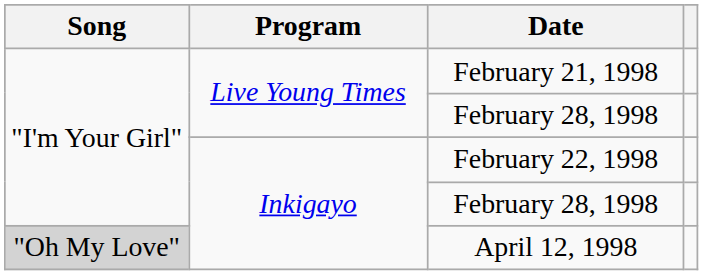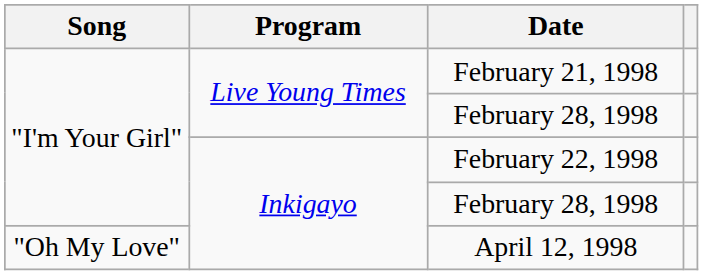 <table class="wikitable" style="text-align:center">
 <tr>
 <th>Song</th>
 <th width="130">Program</th>
 <th width="140">Date</th>
 <th></th>
 </tr>
 <tr>
 <td rowspan="4">"I'm Your Girl"</td>
 <td rowspan="2"><em><a href='#'>Live Young Times</a></em></td>
 <td>February 21, 1998</td>
 <td></td>
 </tr>
 <tr>
 <td>February 28, 1998</td>
 <td></td>
 </tr>
 <tr>
 <td rowspan="3"><em><a href='#'>Inkigayo</a></em></td>
 <td>February 22, 1998</td>
 <td></td>
 </tr>
 <tr>
 <td>February 28, 1998</td>
 <td></td>
 </tr>
 <tr>
-<td style="background: lightgrey;">"Oh My Love"</td>
+<td>"Oh My Love"</td>
 <td>April 12, 1998</td>
 <td></td>
 </tr>
 </table>
